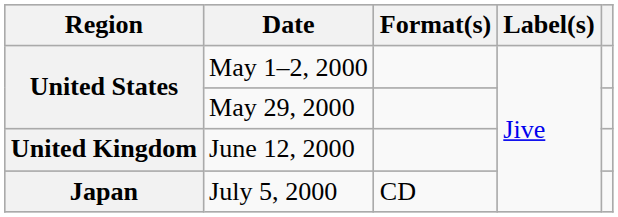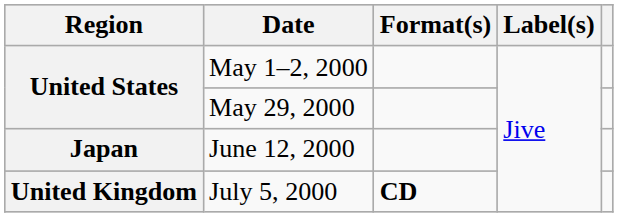 <table class="wikitable plainrowheaders">
 <tr>
 <th scope="col">Region</th>
 <th scope="col">Date</th>
 <th scope="col">Format(s)</th>
 <th scope="col">Label(s)</th>
 <th scope="col"></th>
 </tr>
 <tr>
 <th scope="row" rowspan="2">United States</th>
 <td>May 1–2, 2000</td>
 <td></td>
 <td rowspan="4"><a href='#'>Jive</a></td>
 <td align="center"></td>
 </tr>
 <tr>
 <td>May 29, 2000</td>
 <td></td>
 <td align="center"></td>
 </tr>
 <tr>
-<th scope="row">United Kingdom</th>
+<th scope="row">Japan</th>
 <td>June 12, 2000</td>
 <td></td>
 <td align="center"></td>
 </tr>
 <tr>
-<th scope="row">Japan</th>
+<th scope="row">United Kingdom</th>
 <td>July 5, 2000</td>
-<td>CD</td>
+<td><strong>CD</strong></td>
 <td align="center"></td>
 </tr>
 </table>
